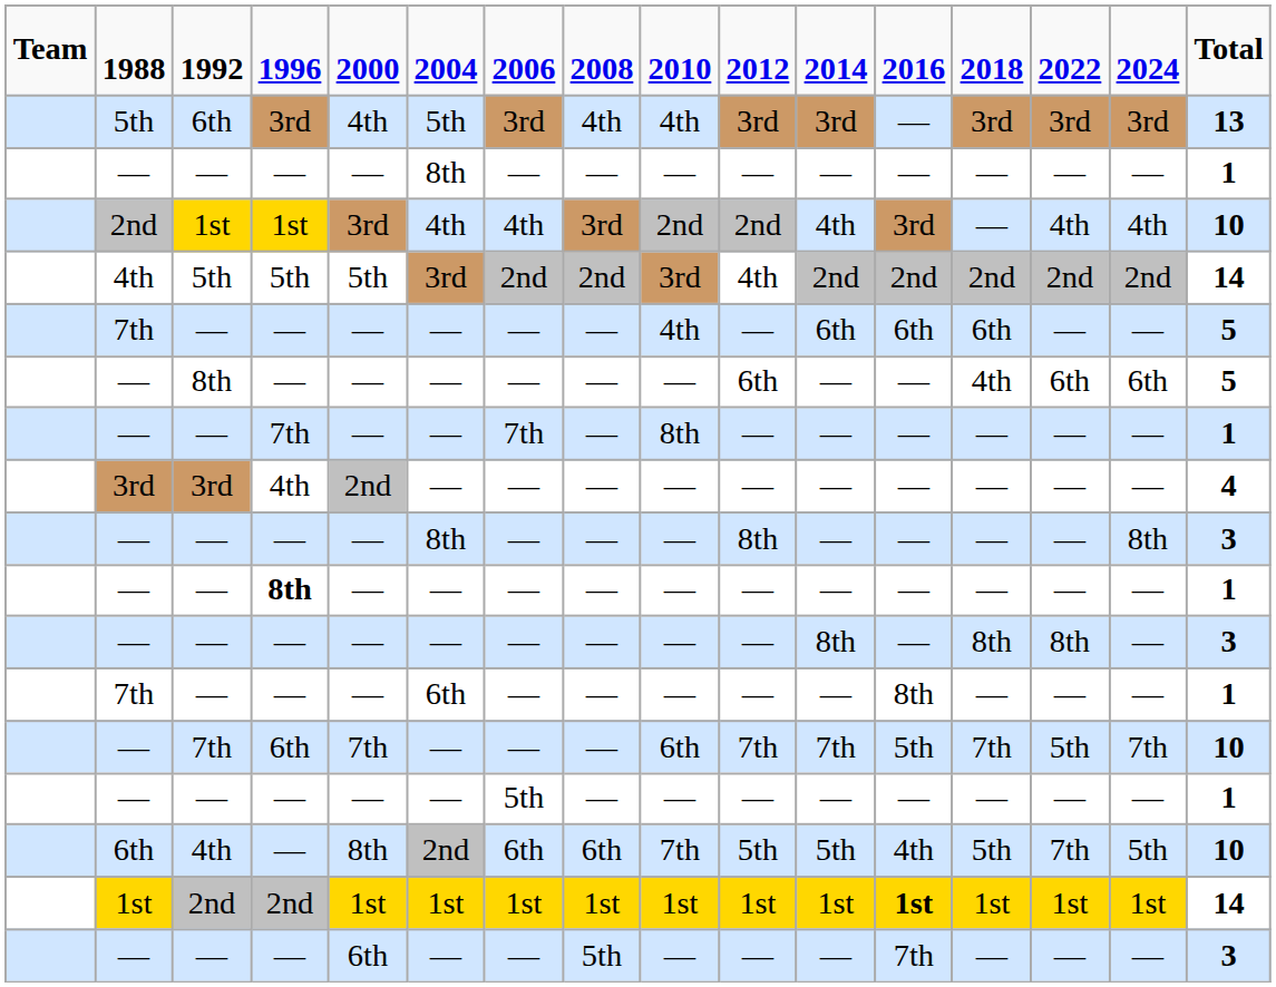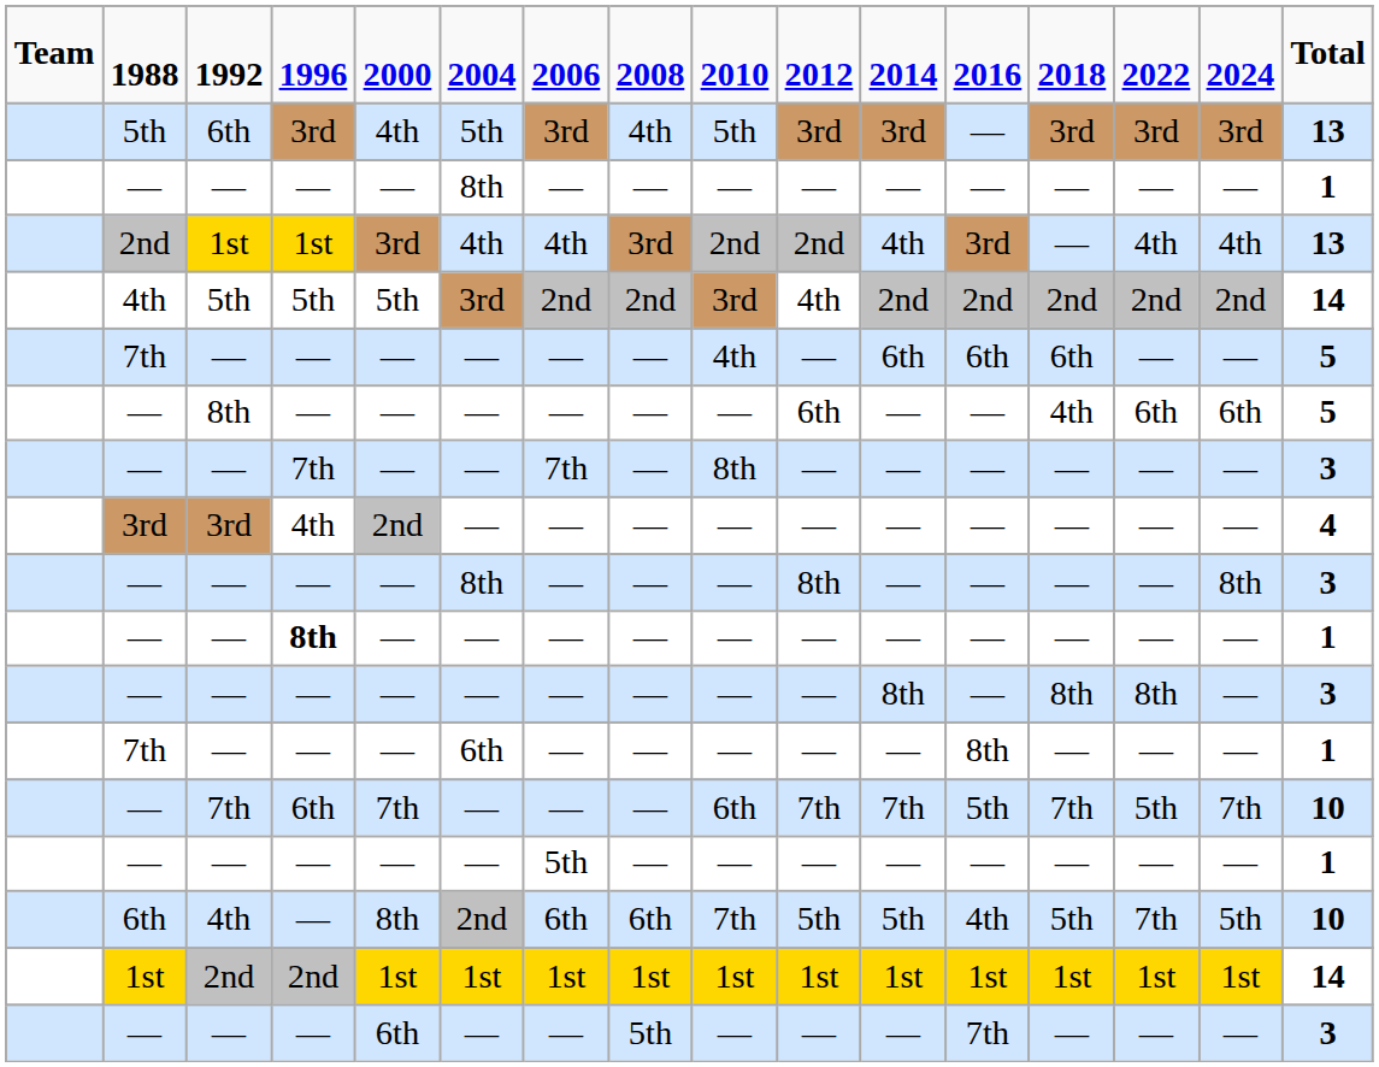 <table class="wikitable" style="text-align:center; font-size:90%">
 <tr>
 <td><strong>Team</strong></td>
 <td><strong><br>1988</strong></td>
 <td><strong><br>1992</strong></td>
 <td><strong><br><a href='#'>1996</a></strong></td>
 <td><strong><br><a href='#'>2000</a></strong></td>
 <td><strong><br><a href='#'>2004</a></strong></td>
 <td><strong><br><a href='#'>2006</a></strong></td>
 <td><strong><br><a href='#'>2008</a></strong></td>
 <td><strong><br><a href='#'>2010</a></strong></td>
 <td><strong><br><a href='#'>2012</a></strong></td>
 <td><strong><br><a href='#'>2014</a></strong></td>
 <td><strong><br><a href='#'>2016</a></strong></td>
 <td><strong><br><a href='#'>2018</a></strong></td>
 <td><strong><br><a href='#'>2022</a></strong></td>
 <td><strong><br><a href='#'>2024</a></strong></td>
 <td><strong>Total</strong></td>
 </tr>
 <tr bgcolor=#D0E6FF>
 <td align=left></td>
 <td>5th</td>
 <td>6th</td>
 <td bgcolor=cc9966>3rd</td>
 <td>4th</td>
 <td>5th</td>
 <td bgcolor=cc9966>3rd</td>
 <td>4th</td>
-<td>4th</td>
+<td>5th</td>
 <td bgcolor=cc9966>3rd</td>
 <td bgcolor=cc9966>3rd</td>
 <td>—</td>
 <td bgcolor=cc9966>3rd</td>
 <td bgcolor=cc9966>3rd</td>
 <td bgcolor=cc9966>3rd</td>
 <td><strong>13</strong></td>
 </tr>
 <tr bgcolor=#FFFFFF>
 <td align=left></td>
 <td>—</td>
 <td>—</td>
 <td>—</td>
 <td>—</td>
 <td>8th</td>
 <td>—</td>
 <td>—</td>
 <td>—</td>
 <td>—</td>
 <td>—</td>
 <td>—</td>
 <td>—</td>
 <td>—</td>
 <td>—</td>
 <td><strong>1</strong></td>
 </tr>
 <tr bgcolor=#D0E6FF>
 <td align=left></td>
 <td bgcolor=silver>2nd</td>
 <td bgcolor=gold>1st</td>
 <td bgcolor=gold>1st</td>
 <td bgcolor=cc9966>3rd</td>
 <td>4th</td>
 <td>4th</td>
 <td bgcolor=cc9966>3rd</td>
 <td bgcolor=silver>2nd</td>
 <td bgcolor=silver>2nd</td>
 <td>4th</td>
 <td bgcolor=cc9966>3rd</td>
 <td>—</td>
 <td>4th</td>
 <td>4th</td>
-<td><strong>10</strong></td>
+<td><strong>13</strong></td>
 </tr>
 <tr bgcolor=#FFFFFF>
 <td align=left></td>
 <td>4th</td>
 <td>5th</td>
 <td>5th</td>
 <td>5th</td>
 <td bgcolor=cc9966>3rd</td>
 <td bgcolor=silver>2nd</td>
 <td bgcolor=silver>2nd</td>
 <td bgcolor=cc9966>3rd</td>
 <td>4th</td>
 <td bgcolor=silver>2nd</td>
 <td bgcolor=silver>2nd</td>
 <td bgcolor=silver>2nd</td>
 <td bgcolor=silver>2nd</td>
 <td bgcolor=silver>2nd</td>
 <td><strong>14</strong></td>
 </tr>
 <tr bgcolor=#D0E6FF>
 <td align=left></td>
 <td>7th</td>
 <td>—</td>
 <td>—</td>
 <td>—</td>
 <td>—</td>
 <td>—</td>
 <td>—</td>
 <td>4th</td>
 <td>—</td>
 <td>6th</td>
 <td>6th</td>
 <td>6th</td>
 <td>—</td>
 <td>—</td>
 <td><strong>5</strong></td>
 </tr>
 <tr bgcolor=#FFFFFF>
 <td align=left></td>
 <td>—</td>
 <td>8th</td>
 <td>—</td>
 <td>—</td>
 <td>—</td>
 <td>—</td>
 <td>—</td>
 <td>—</td>
 <td>6th</td>
 <td>—</td>
 <td>—</td>
 <td>4th</td>
 <td>6th</td>
 <td>6th</td>
 <td><strong>5</strong></td>
 </tr>
 <tr bgcolor=#D0E6FF>
 <td align=left></td>
 <td>—</td>
 <td>—</td>
 <td>7th</td>
 <td>—</td>
 <td>—</td>
 <td>7th</td>
 <td>—</td>
 <td>8th</td>
 <td>—</td>
 <td>—</td>
 <td>—</td>
 <td>—</td>
 <td>—</td>
 <td>—</td>
-<td><strong>1</strong></td>
+<td><strong>3</strong></td>
 </tr>
 <tr bgcolor=#FFFFFF>
 <td align=left></td>
 <td bgcolor=cc9966>3rd</td>
 <td bgcolor=cc9966>3rd</td>
 <td>4th</td>
 <td bgcolor=silver>2nd</td>
 <td>—</td>
 <td>—</td>
 <td>—</td>
 <td>—</td>
 <td>—</td>
 <td>—</td>
 <td>—</td>
 <td>—</td>
 <td>—</td>
 <td>—</td>
 <td><strong>4</strong></td>
 </tr>
 <tr bgcolor=#D0E6FF>
 <td align=left></td>
 <td>—</td>
 <td>—</td>
 <td>—</td>
 <td>—</td>
 <td>8th</td>
 <td>—</td>
 <td>—</td>
 <td>—</td>
 <td>8th</td>
 <td>—</td>
 <td>—</td>
 <td>—</td>
 <td>—</td>
 <td>8th</td>
 <td><strong>3</strong></td>
 </tr>
 <tr bgcolor=#FFFFFF>
 <td align=left></td>
 <td>—</td>
 <td>—</td>
 <td><strong>8th</strong></td>
 <td>—</td>
 <td>—</td>
 <td>—</td>
 <td>—</td>
 <td>—</td>
 <td>—</td>
 <td>—</td>
 <td>—</td>
 <td>—</td>
 <td>—</td>
 <td>—</td>
 <td><strong>1</strong></td>
 </tr>
 <tr bgcolor=#D0E6FF>
 <td align=left></td>
 <td>—</td>
 <td>—</td>
 <td>—</td>
 <td>—</td>
 <td>—</td>
 <td>—</td>
 <td>—</td>
 <td>—</td>
 <td>—</td>
 <td>8th</td>
 <td>—</td>
 <td>8th</td>
 <td>8th</td>
 <td>—</td>
 <td><strong>3</strong></td>
 </tr>
 <tr bgcolor=#FFFFFF>
 <td align=left></td>
 <td>7th</td>
 <td>—</td>
 <td>—</td>
 <td>—</td>
 <td>6th</td>
 <td>—</td>
 <td>—</td>
 <td>—</td>
 <td>—</td>
 <td>—</td>
 <td>8th</td>
 <td>—</td>
 <td>—</td>
 <td>—</td>
 <td><strong>1</strong></td>
 </tr>
 <tr bgcolor=#D0E6FF>
 <td align=left></td>
 <td>—</td>
 <td>7th</td>
 <td>6th</td>
 <td>7th</td>
 <td>—</td>
 <td>—</td>
 <td>—</td>
 <td>6th</td>
 <td>7th</td>
 <td>7th</td>
 <td>5th</td>
 <td>7th</td>
 <td>5th</td>
 <td>7th</td>
 <td><strong>10</strong></td>
 </tr>
 <tr bgcolor=#FFFFFF>
 <td align=left></td>
 <td>—</td>
 <td>—</td>
 <td>—</td>
 <td>—</td>
 <td>—</td>
 <td>5th</td>
 <td>—</td>
 <td>—</td>
 <td>—</td>
 <td>—</td>
 <td>—</td>
 <td>—</td>
 <td>—</td>
 <td>—</td>
 <td><strong>1</strong></td>
 </tr>
 <tr bgcolor=#D0E6FF>
 <td align=left></td>
 <td>6th</td>
 <td>4th</td>
 <td>—</td>
 <td>8th</td>
 <td bgcolor=silver>2nd</td>
 <td>6th</td>
 <td>6th</td>
 <td>7th</td>
 <td>5th</td>
 <td>5th</td>
 <td>4th</td>
 <td>5th</td>
 <td>7th</td>
 <td>5th</td>
 <td><strong>10</strong></td>
 </tr>
 <tr bgcolor=#FFFFFF>
 <td align=left></td>
 <td bgcolor=gold>1st</td>
 <td bgcolor=silver>2nd</td>
 <td bgcolor=silver>2nd</td>
 <td bgcolor=gold>1st</td>
 <td bgcolor=gold>1st</td>
 <td bgcolor=gold>1st</td>
 <td bgcolor=gold>1st</td>
 <td bgcolor=gold>1st</td>
 <td bgcolor=gold>1st</td>
 <td bgcolor=gold>1st</td>
-<td bgcolor=gold><strong>1st</strong></td>
+<td bgcolor=gold>1st</td>
 <td bgcolor=gold>1st</td>
 <td bgcolor=gold>1st</td>
 <td bgcolor=gold>1st</td>
 <td><strong>14</strong></td>
 </tr>
 <tr bgcolor=#D0E6FF>
 <td align=left></td>
 <td>—</td>
 <td>—</td>
 <td>—</td>
 <td>6th</td>
 <td>—</td>
 <td>—</td>
 <td>5th</td>
 <td>—</td>
 <td>—</td>
 <td>—</td>
 <td>7th</td>
 <td>—</td>
 <td>—</td>
 <td>—</td>
 <td><strong>3</strong></td>
 </tr>
 </table>
